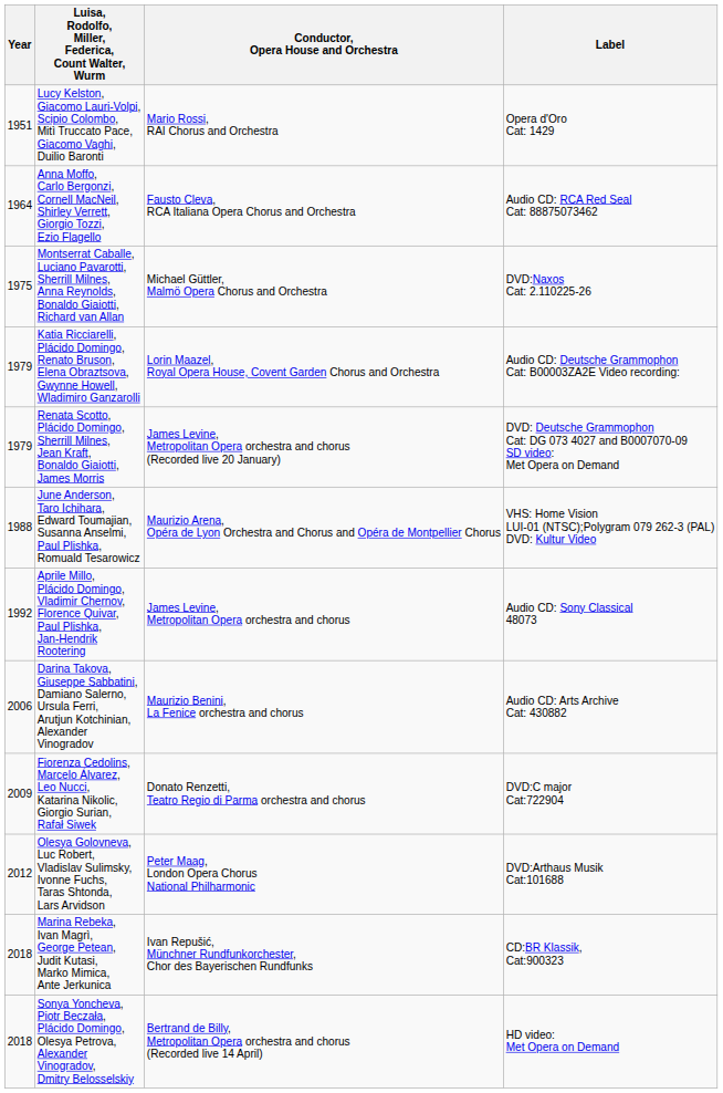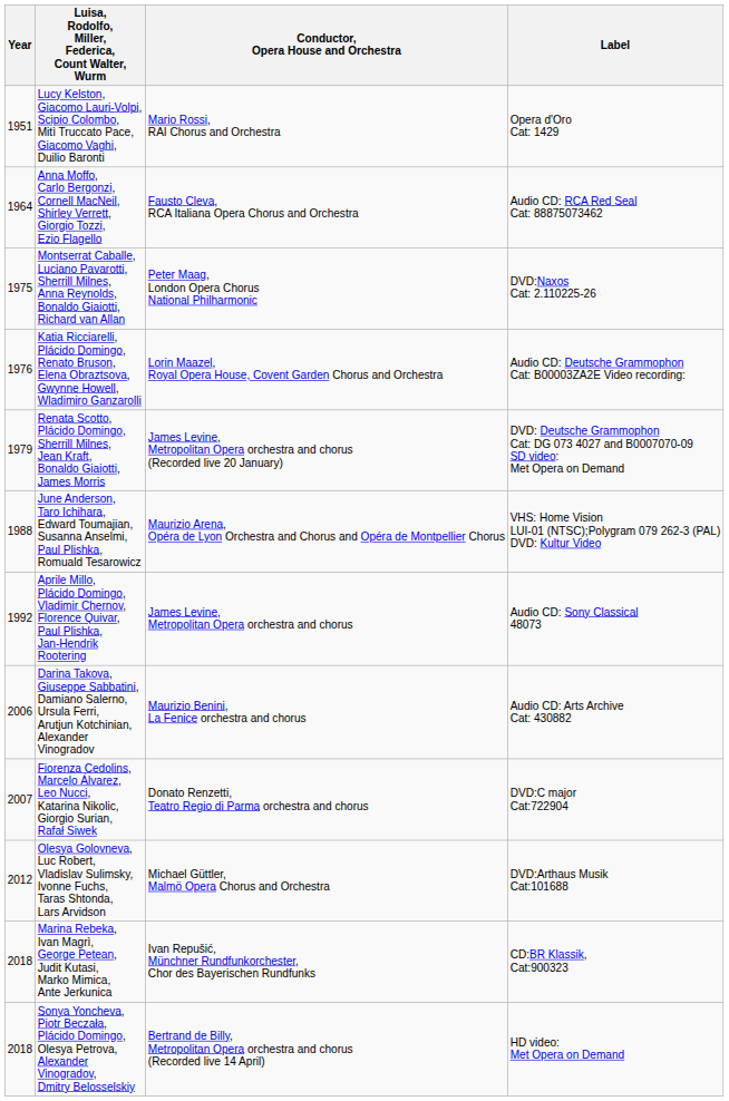 <table class="wikitable">
 <tr>
 <th>Year</th>
 <th width="150">Luisa,<br>Rodolfo,<br>Miller,<br>Federica,<br>Count Walter,<br>Wurm</th>
 <th>Conductor,<br>Opera House and Orchestra</th>
 <th>Label</th>
 </tr>
 <tr>
 <td>1951</td>
 <td><a href='#'>Lucy Kelston</a>,<br><a href='#'>Giacomo Lauri-Volpi</a>,<br><a href='#'>Scipio Colombo</a>,<br>Mitì Truccato Pace,<br><a href='#'>Giacomo Vaghi</a>,<br>Duilio Baronti</td>
 <td><a href='#'>Mario Rossi</a>,<br> RAI Chorus and Orchestra</td>
 <td>Opera d'Oro<br>Cat: 1429</td>
 </tr>
 <tr>
 <td>1964</td>
 <td><a href='#'>Anna Moffo</a>,<br><a href='#'>Carlo Bergonzi</a>,<br><a href='#'>Cornell MacNeil</a>,<br><a href='#'>Shirley Verrett</a>,<br><a href='#'>Giorgio Tozzi</a>,<br><a href='#'>Ezio Flagello</a></td>
 <td><a href='#'>Fausto Cleva</a>,<br>RCA Italiana Opera Chorus and Orchestra</td>
 <td>Audio CD: <a href='#'>RCA Red Seal</a><br>Cat: 88875073462</td>
 </tr>
 <tr>
 <td>1975</td>
 <td><a href='#'>Montserrat Caballe</a>,<br><a href='#'>Luciano Pavarotti</a>,<br><a href='#'>Sherrill Milnes</a>,<br><a href='#'>Anna Reynolds</a>,<br><a href='#'>Bonaldo Giaiotti</a>,<br><a href='#'>Richard van Allan</a></td>
-<td>Michael Güttler,<br><a href='#'>Malmö Opera</a> Chorus and Orchestra</td>
+<td><a href='#'>Peter Maag</a>,<br>London Opera Chorus<br><a href='#'>National Philharmonic</a></td>
 <td>DVD:<a href='#'>Naxos</a><br>Cat: 2.110225-26</td>
 </tr>
 <tr>
-<td>1979</td>
+<td>1976</td>
 <td><a href='#'>Katia Ricciarelli</a>,<br><a href='#'>Plácido Domingo</a>,<br><a href='#'>Renato Bruson</a>,<br><a href='#'>Elena Obraztsova</a>,<br><a href='#'>Gwynne Howell</a>,<br><a href='#'>Wladimiro Ganzarolli</a></td>
 <td><a href='#'>Lorin Maazel</a>,<br><a href='#'>Royal Opera House, Covent Garden</a> Chorus and Orchestra<br></td>
 <td>Audio CD: <a href='#'>Deutsche Grammophon</a> <br>Cat: B00003ZA2E Video recording: </td>
 </tr>
 <tr>
 <td>1979</td>
 <td><a href='#'>Renata Scotto</a>,<br><a href='#'>Plácido Domingo</a>,<br><a href='#'>Sherrill Milnes</a>,<br><a href='#'>Jean Kraft</a>,<br><a href='#'>Bonaldo Giaiotti</a>,<br><a href='#'>James Morris</a></td>
 <td><a href='#'>James Levine</a>,<br><a href='#'>Metropolitan Opera</a> orchestra and chorus<br>(Recorded live 20 January)</td>
 <td>DVD: <a href='#'>Deutsche Grammophon</a> <br>Cat: DG 073 4027 and B0007070-09<br><a href='#'>SD video</a>:<br>Met Opera on Demand</td>
 </tr>
 <tr>
 <td>1988</td>
 <td><a href='#'>June Anderson</a>,<br><a href='#'>Taro Ichihara</a>,<br>Edward Toumajian,<br>Susanna Anselmi,<br><a href='#'>Paul Plishka</a>,<br>Romuald Tesarowicz</td>
 <td><a href='#'>Maurizio Arena</a>,<br><a href='#'>Opéra de Lyon</a> Orchestra and Chorus and <a href='#'>Opéra de Montpellier</a> Chorus</td>
 <td>VHS: Home Vision<br>LUI-01 (NTSC);Polygram 079 262-3 (PAL)<br>DVD: <a href='#'>Kultur Video</a><br></td>
 </tr>
 <tr>
 <td>1992</td>
 <td><a href='#'>Aprile Millo</a>,<br><a href='#'>Plácido Domingo</a>,<br><a href='#'>Vladimir Chernov</a>,<br><a href='#'>Florence Quivar</a>,<br><a href='#'>Paul Plishka</a>,<br><a href='#'>Jan-Hendrik Rootering</a></td>
 <td><a href='#'>James Levine</a>,<br><a href='#'>Metropolitan Opera</a> orchestra and chorus</td>
 <td>Audio CD: <a href='#'>Sony Classical</a><br>48073</td>
 </tr>
 <tr>
 <td>2006</td>
 <td><a href='#'>Darina Takova</a>,<br><a href='#'>Giuseppe Sabbatini</a>,<br>Damiano Salerno,<br> Ursula Ferri,<br>Arutjun Kotchinian,<br>Alexander Vinogradov</td>
 <td><a href='#'>Maurizio Benini</a>,<br><a href='#'>La Fenice</a> orchestra and chorus</td>
 <td>Audio CD: Arts Archive<br>Cat: 430882</td>
 </tr>
 <tr>
-<td>2009</td>
+<td>2007</td>
 <td><a href='#'>Fiorenza Cedolins</a>,<br><a href='#'>Marcelo Álvarez</a>,<br><a href='#'>Leo Nucci</a>,<br>Katarina Nikolic,<br>Giorgio Surian,<br><a href='#'>Rafał Siwek</a></td>
 <td>Donato Renzetti,<br><a href='#'>Teatro Regio di Parma</a> orchestra and chorus</td>
 <td>DVD:C major<br>Cat:722904</td>
 </tr>
 <tr>
 <td>2012</td>
 <td><a href='#'>Olesya Golovneva</a>,<br>Luc Robert,<br>Vladislav Sulimsky,<br>Ivonne Fuchs,<br>Taras Shtonda,<br> Lars Arvidson</td>
-<td><a href='#'>Peter Maag</a>,<br>London Opera Chorus<br><a href='#'>National Philharmonic</a></td>
+<td>Michael Güttler,<br><a href='#'>Malmö Opera</a> Chorus and Orchestra</td>
 <td>DVD:Arthaus Musik<br>Cat:101688</td>
 </tr>
 <tr>
 <td>2018</td>
 <td><a href='#'>Marina Rebeka</a>,<br>Ivan Magrì,<br><a href='#'>George Petean</a>,<br>Judit Kutasi,<br>Marko Mimica,<br>Ante Jerkunica</td>
 <td>Ivan Repušić,<br><a href='#'>Münchner Rundfunkorchester</a>,<br>Chor des Bayerischen Rundfunks</td>
 <td>CD:<a href='#'>BR Klassik</a>,<br>Cat:900323</td>
 </tr>
 <tr>
 <td>2018</td>
 <td><a href='#'>Sonya Yoncheva</a>,<br><a href='#'>Piotr Beczała</a>,<br><a href='#'>Plácido Domingo</a>,<br>Olesya Petrova,<br><a href='#'>Alexander Vinogradov</a>,<br><a href='#'>Dmitry Belosselskiy</a></td>
 <td><a href='#'>Bertrand de Billy</a>,<br><a href='#'>Metropolitan Opera</a> orchestra and chorus<br>(Recorded live 14 April)</td>
 <td>HD video:<br><a href='#'>Met Opera on Demand</a></td>
 </tr>
 </table>
